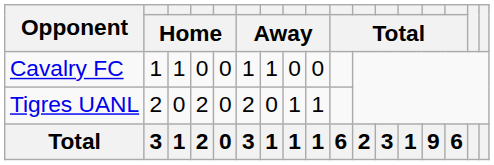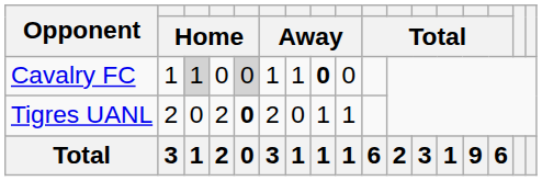 <table class="wikitable plainrowheaders sortable" style="text-align:center">
 <tr>
 <th rowspan="2" scope="col">Opponent</th>
 <th scope="col"></th>
 <th scope="col"></th>
 <th scope="col"></th>
 <th scope="col"></th>
 <th scope="col"></th>
 <th scope="col"></th>
 <th scope="col"></th>
 <th scope="col"></th>
 <th scope="col"></th>
 <th scope="col"></th>
 <th scope="col"></th>
 <th scope="col"></th>
 <th scope="col"></th>
 <th scope="col"></th>
 <th rowspan="2" scope="col"></th>
 <th rowspan="2"></th>
 </tr>
 <tr class="unsortable">
 <th colspan="4">Home</th>
 <th colspan="4">Away</th>
 <th colspan="6">Total</th>
 </tr>
 <tr>
 <td style="text-align:left"> <a href='#'>Cavalry FC</a></td>
 <td>1</td>
-<td>1</td>
+<td style="background: lightgrey;">1</td>
 <td>0</td>
-<td>0</td>
+<td style="background: lightgrey;">0</td>
 <td>1</td>
 <td>1</td>
-<td>0</td>
+<td><strong>0</strong></td>
 <td>0<br></td>
 <td></td>
 </tr>
 <tr>
 <td style="text-align:left"> <a href='#'>Tigres UANL</a></td>
 <td>2</td>
 <td>0</td>
 <td>2</td>
-<td>0</td>
+<td><strong>0</strong></td>
 <td>2</td>
 <td>0</td>
 <td>1</td>
 <td>1<br></td>
 <td></td>
 </tr>
 <tr>
 <th>Total</th>
 <th>3</th>
 <th>1</th>
 <th>2</th>
 <th>0</th>
 <th>3</th>
 <th>1</th>
 <th>1</th>
 <th>1</th>
 <th>6</th>
 <th>2</th>
 <th>3</th>
 <th>1</th>
 <th>9</th>
 <th>6</th>
 <th><br></th>
 <th></th>
 </tr>
 </table>
